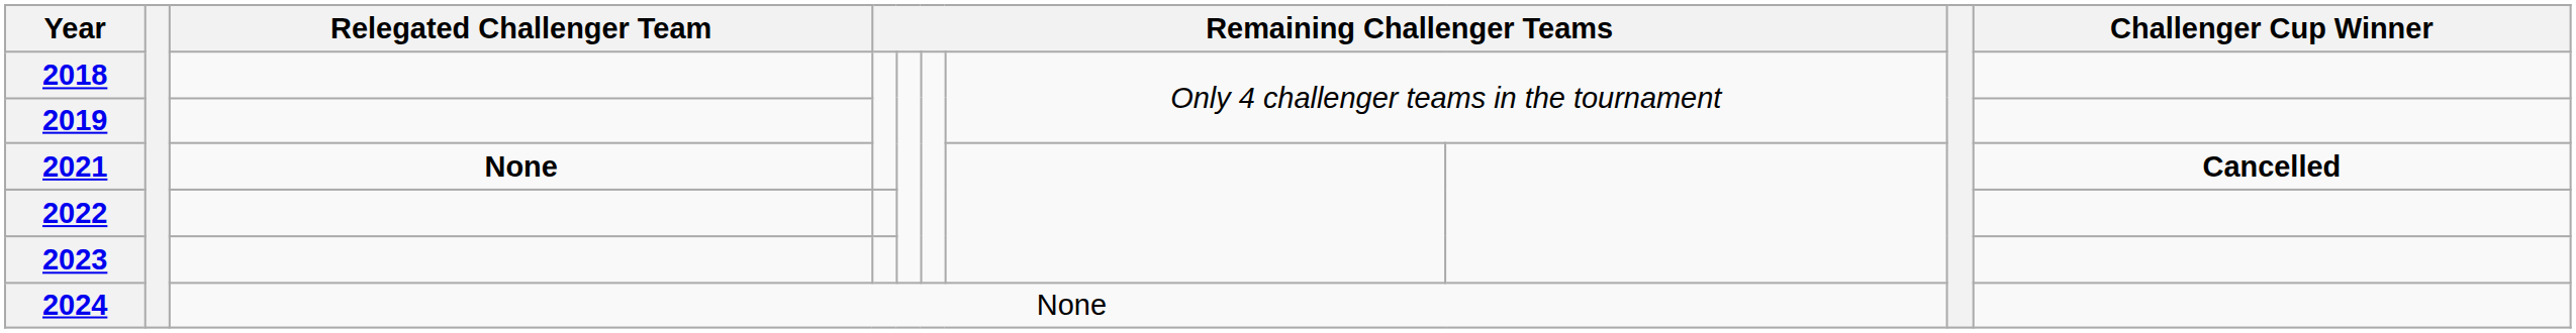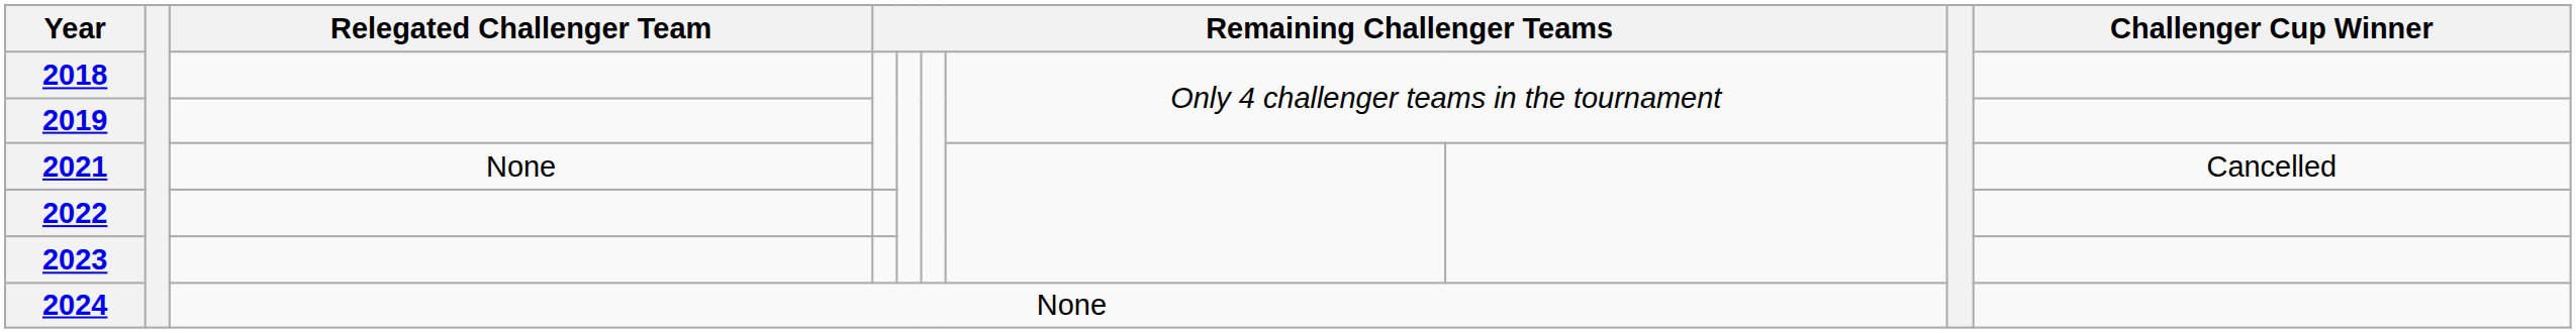 <table class="wikitable" style="font-size:90%; width:100%; text-align:center;">
 <tr>
 <th>Year</th>
 <th rowspan="7" width="1%" bgcolor="#ffffff"></th>
 <th>Relegated Challenger Team</th>
 <th colspan="5">Remaining Challenger Teams</th>
 <th rowspan="7" width="1%" bgcolor="#ffffff"></th>
 <th>Challenger Cup Winner</th>
 </tr>
 <tr>
 <th><a href='#'>2018</a></th>
 <td> </td>
 <td rowspan="3"> </td>
 <td rowspan="5"> </td>
 <td rowspan="5"> </td>
 <td colspan="2" rowspan="2"><em>Only 4 challenger teams in the tournament</em></td>
 <td> </td>
 </tr>
 <tr>
 <th><a href='#'>2019</a></th>
 <td> </td>
 <td> </td>
 </tr>
 <tr>
 <th><a href='#'>2021</a></th>
-<td><strong>None</strong></td>
+<td>None</td>
 <td rowspan="3"> </td>
 <td rowspan="3"> </td>
-<td><strong>Cancelled</strong></td>
+<td>Cancelled</td>
 </tr>
 <tr>
 <th><a href='#'>2022</a></th>
 <td> </td>
 <td> </td>
 <td> </td>
 </tr>
 <tr>
 <th><a href='#'>2023</a></th>
 <td> </td>
 <td> </td>
 <td> </td>
 </tr>
 <tr>
 <th><a href='#'>2024</a></th>
 <td colspan="7">None</td>
 <td> </td>
 </tr>
 </table>
